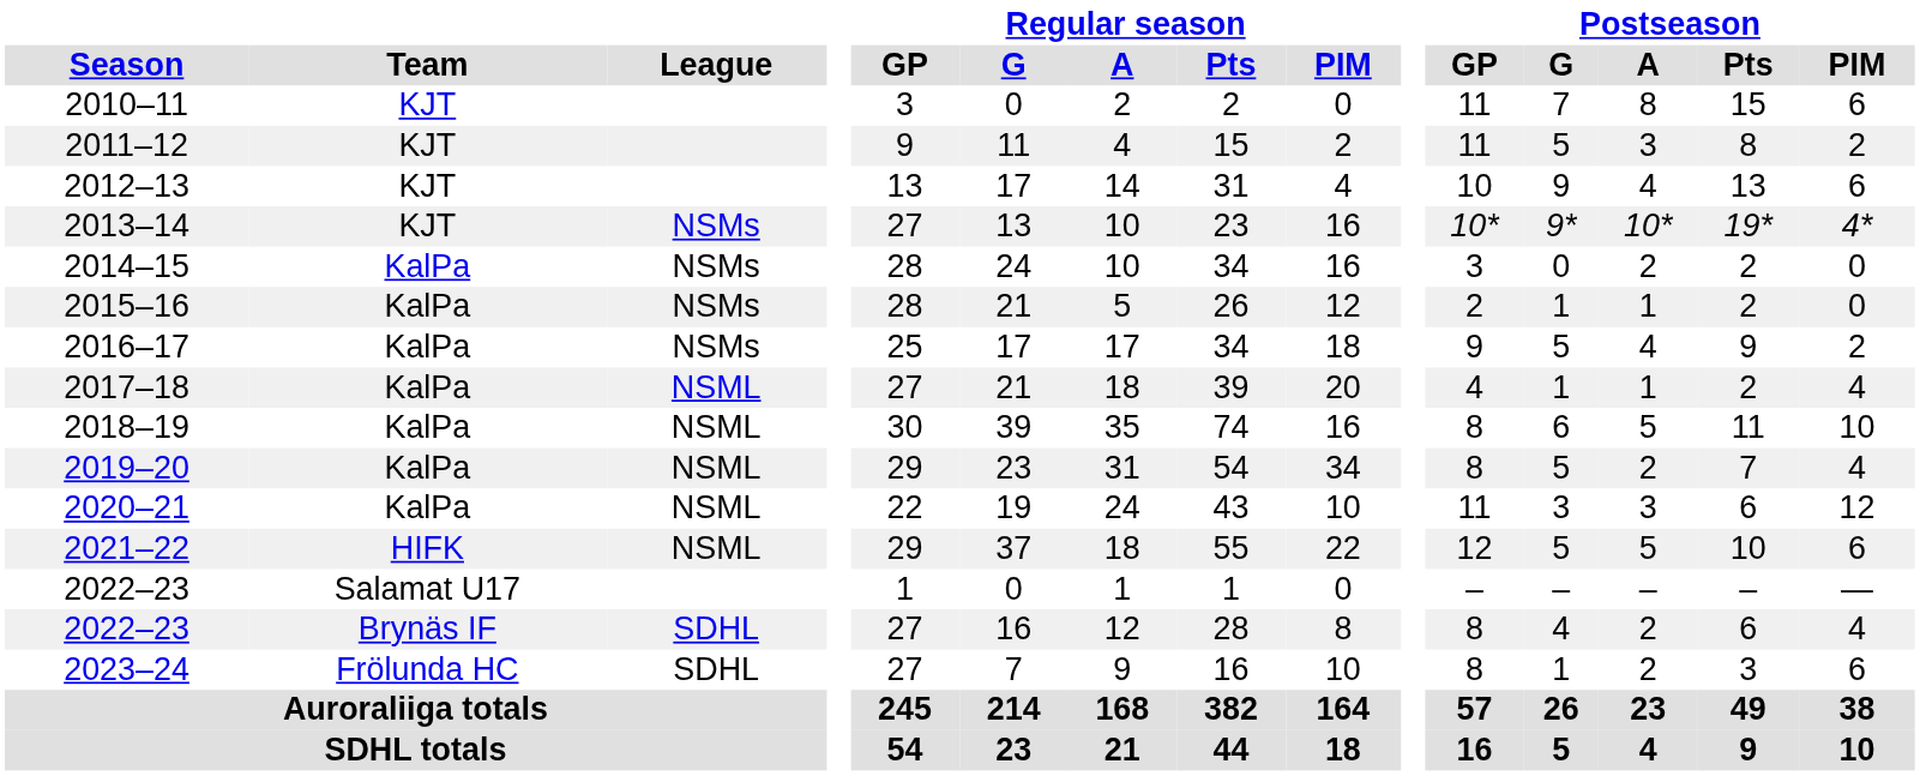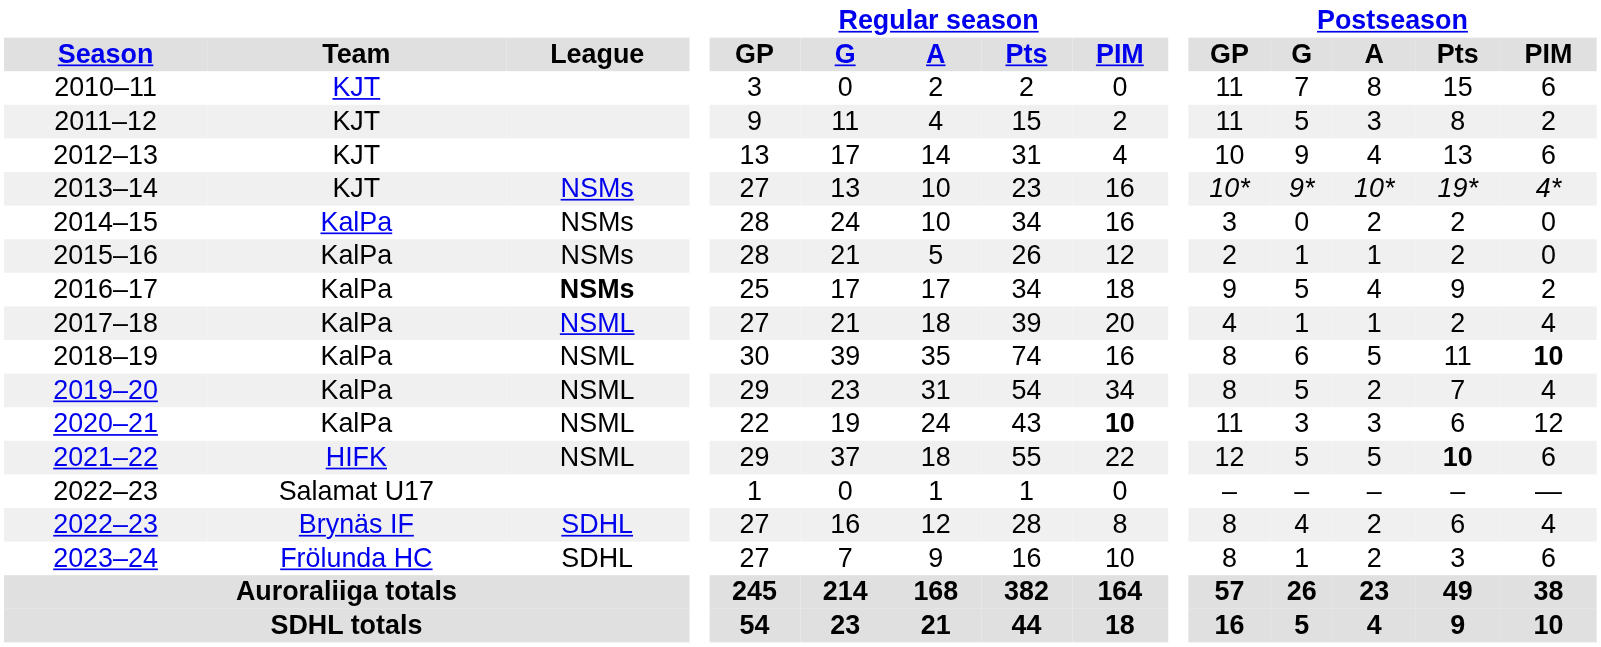 <table border="0" cellpadding="1" cellspacing="0" width="75%" style="text-align:center">
 <tr>
 <th colspan="3" bgcolor="#ffffff"> </th>
 <th rowspan="67" bgcolor="#ffffff"> </th>
 <th colspan="5"><a href='#'>Regular season</a></th>
 <th rowspan="67" bgcolor="#ffffff"> </th>
 <th colspan="5"><a href='#'>Postseason</a></th>
 </tr>
 <tr bgcolor="#e0e0e0">
 <th><a href='#'>Season</a></th>
 <th>Team</th>
 <th>League</th>
 <th>GP</th>
 <th><a href='#'>G</a></th>
 <th><a href='#'>A</a></th>
 <th><a href='#'>Pts</a></th>
 <th><a href='#'>PIM</a></th>
 <th>GP</th>
 <th>G</th>
 <th>A</th>
 <th>Pts</th>
 <th>PIM</th>
 </tr>
 <tr>
 <td>2010–11</td>
 <td><a href='#'>KJT</a></td>
 <td></td>
 <td>3</td>
 <td>0</td>
 <td>2</td>
 <td>2</td>
 <td>0</td>
 <td>11</td>
 <td>7</td>
 <td>8</td>
 <td>15</td>
 <td>6</td>
 </tr>
 <tr bgcolor="#f0f0f0">
 <td>2011–12</td>
 <td>KJT</td>
 <td></td>
 <td>9</td>
 <td>11</td>
 <td>4</td>
 <td>15</td>
 <td>2</td>
 <td>11</td>
 <td>5</td>
 <td>3</td>
 <td>8</td>
 <td>2</td>
 </tr>
 <tr>
 <td>2012–13</td>
 <td>KJT</td>
 <td></td>
 <td>13</td>
 <td>17</td>
 <td>14</td>
 <td>31</td>
 <td>4</td>
 <td>10</td>
 <td>9</td>
 <td>4</td>
 <td>13</td>
 <td>6</td>
 </tr>
 <tr bgcolor="#f0f0f0">
 <td>2013–14</td>
 <td>KJT</td>
 <td><a href='#'>NSMs</a></td>
 <td>27</td>
 <td>13</td>
 <td>10</td>
 <td>23</td>
 <td>16</td>
 <td><em>10*</em></td>
 <td><em>9*</em></td>
 <td><em>10*</em></td>
 <td><em>19*</em></td>
 <td><em>4*</em></td>
 </tr>
 <tr>
 <td>2014–15</td>
 <td><a href='#'>KalPa</a></td>
 <td>NSMs</td>
 <td>28</td>
 <td>24</td>
 <td>10</td>
 <td>34</td>
 <td>16</td>
 <td>3</td>
 <td>0</td>
 <td>2</td>
 <td>2</td>
 <td>0</td>
 </tr>
 <tr bgcolor="#f0f0f0">
 <td>2015–16</td>
 <td>KalPa</td>
 <td>NSMs</td>
 <td>28</td>
 <td>21</td>
 <td>5</td>
 <td>26</td>
 <td>12</td>
 <td>2</td>
 <td>1</td>
 <td>1</td>
 <td>2</td>
 <td>0</td>
 </tr>
 <tr>
 <td>2016–17</td>
 <td>KalPa</td>
-<td>NSMs</td>
+<td><strong>NSMs</strong></td>
 <td>25</td>
 <td>17</td>
 <td>17</td>
 <td>34</td>
 <td>18</td>
 <td>9</td>
 <td>5</td>
 <td>4</td>
 <td>9</td>
 <td>2</td>
 </tr>
 <tr bgcolor="#f0f0f0">
 <td>2017–18</td>
 <td>KalPa</td>
 <td><a href='#'>NSML</a></td>
 <td>27</td>
 <td>21</td>
 <td>18</td>
 <td>39</td>
 <td>20</td>
 <td>4</td>
 <td>1</td>
 <td>1</td>
 <td>2</td>
 <td>4</td>
 </tr>
 <tr>
 <td>2018–19</td>
 <td>KalPa</td>
 <td>NSML</td>
 <td>30</td>
 <td>39</td>
 <td>35</td>
 <td>74</td>
 <td>16</td>
 <td>8</td>
 <td>6</td>
 <td>5</td>
 <td>11</td>
-<td>10</td>
+<td><strong>10</strong></td>
 </tr>
 <tr bgcolor="#f0f0f0">
 <td><a href='#'>2019–20</a></td>
 <td>KalPa</td>
 <td>NSML</td>
 <td>29</td>
 <td>23</td>
 <td>31</td>
 <td>54</td>
 <td>34</td>
 <td>8</td>
 <td>5</td>
 <td>2</td>
 <td>7</td>
 <td>4</td>
 </tr>
 <tr>
 <td><a href='#'>2020–21</a></td>
 <td>KalPa</td>
 <td>NSML</td>
 <td>22</td>
 <td>19</td>
 <td>24</td>
 <td>43</td>
-<td>10</td>
+<td><strong>10</strong></td>
 <td>11</td>
 <td>3</td>
 <td>3</td>
 <td>6</td>
 <td>12</td>
 </tr>
 <tr bgcolor="#f0f0f0">
 <td><a href='#'>2021–22</a></td>
 <td><a href='#'>HIFK</a></td>
 <td>NSML</td>
 <td>29</td>
 <td>37</td>
 <td>18</td>
 <td>55</td>
 <td>22</td>
 <td>12</td>
 <td>5</td>
 <td>5</td>
-<td>10</td>
+<td><strong>10</strong></td>
 <td>6</td>
 </tr>
 <tr>
 <td>2022–23</td>
 <td>Salamat U17</td>
 <td></td>
 <td>1</td>
 <td>0</td>
 <td>1</td>
 <td>1</td>
 <td>0</td>
 <td>–</td>
 <td>–</td>
 <td>–</td>
 <td>–</td>
 <td>—</td>
 </tr>
 <tr bgcolor="#f0f0f0">
 <td><a href='#'>2022–23</a></td>
 <td><a href='#'>Brynäs IF</a></td>
 <td><a href='#'>SDHL</a></td>
 <td>27</td>
 <td>16</td>
 <td>12</td>
 <td>28</td>
 <td>8</td>
 <td>8</td>
 <td>4</td>
 <td>2</td>
 <td>6</td>
 <td>4</td>
 </tr>
 <tr>
 <td><a href='#'>2023–24</a></td>
 <td><a href='#'>Frölunda HC</a></td>
 <td>SDHL</td>
 <td>27</td>
 <td>7</td>
 <td>9</td>
 <td>16</td>
 <td>10</td>
 <td>8</td>
 <td>1</td>
 <td>2</td>
 <td>3</td>
 <td>6</td>
 </tr>
 <tr bgcolor="#e0e0e0">
 <th colspan="3">Auroraliiga totals</th>
 <th>245</th>
 <th>214</th>
 <th>168</th>
 <th>382</th>
 <th>164</th>
 <th>57</th>
 <th>26</th>
 <th>23</th>
 <th>49</th>
 <th>38</th>
 </tr>
 <tr bgcolor="#e0e0e0">
 <th colspan="3">SDHL totals</th>
 <th>54</th>
 <th>23</th>
 <th>21</th>
 <th>44</th>
 <th>18</th>
 <th>16</th>
 <th>5</th>
 <th>4</th>
 <th>9</th>
 <th>10</th>
 </tr>
 </table>
